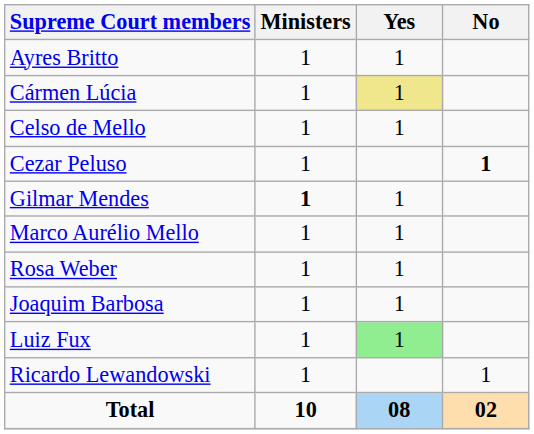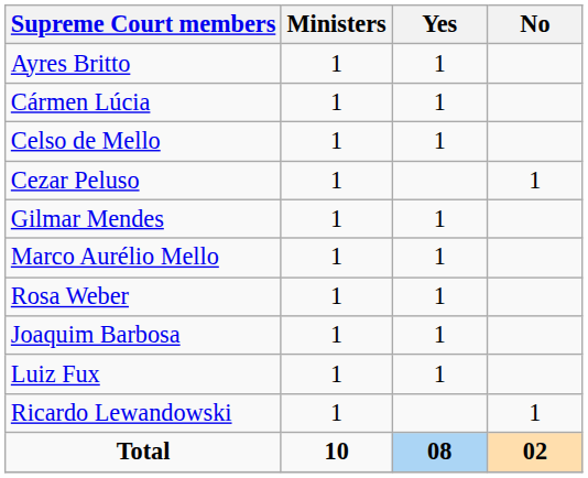 <table class="wikitable">
 <tr>
 <th><a href='#'>Supreme Court members</a></th>
 <th width="55pt">Ministers</th>
 <th width="55pt">Yes</th>
 <th width="55pt">No</th>
 </tr>
 <tr>
 <td align="left"><a href='#'>Ayres Britto</a></td>
 <td align="center">1</td>
 <td align="center">1</td>
 <td align="center"></td>
 </tr>
 <tr>
 <td align="left"><a href='#'>Cármen Lúcia</a></td>
 <td align="center">1</td>
-<td align="center" style="background: khaki;">1</td>
+<td align="center">1</td>
 <td align="center"></td>
 </tr>
 <tr>
 <td align="left"><a href='#'>Celso de Mello</a></td>
 <td align="center">1</td>
 <td align="center">1</td>
 <td align="center"></td>
 </tr>
 <tr>
 <td align="left"><a href='#'>Cezar Peluso</a></td>
 <td align="center">1</td>
 <td align="center"></td>
-<td align="center"><strong>1</strong></td>
+<td align="center">1</td>
 </tr>
 <tr>
 <td align="left"><a href='#'>Gilmar Mendes</a></td>
-<td align="center"><strong>1</strong></td>
+<td align="center">1</td>
 <td align="center">1</td>
 <td align="center"></td>
 </tr>
 <tr>
 <td align="left"><a href='#'>Marco Aurélio Mello</a></td>
 <td align="center">1</td>
 <td align="center">1</td>
 <td align="center"></td>
 </tr>
 <tr>
 <td align="left"><a href='#'>Rosa Weber</a></td>
 <td align="center">1</td>
 <td align="center">1</td>
 <td align="center"></td>
 </tr>
 <tr>
 <td align="left"><a href='#'>Joaquim Barbosa</a></td>
 <td align="center">1</td>
 <td align="center">1</td>
 <td align="center"></td>
 </tr>
 <tr>
 <td align="left"><a href='#'>Luiz Fux</a></td>
 <td align="center">1</td>
-<td align="center" style="background: lightgreen;">1</td>
+<td align="center">1</td>
 <td align="center"></td>
 </tr>
 <tr>
 <td align="left"><a href='#'>Ricardo Lewandowski</a></td>
 <td align="center">1</td>
 <td align="center"></td>
 <td align="center">1</td>
 </tr>
 <tr>
 <td align="center"><strong>Total</strong></td>
 <td align="center"><strong>10</strong></td>
 <td align="center" bgcolor="#abd5f5"><strong>08</strong></td>
 <td align="center" bgcolor="#FFDEAD"><strong>02</strong></td>
 </tr>
 <tr>
 </tr>
 </table>
